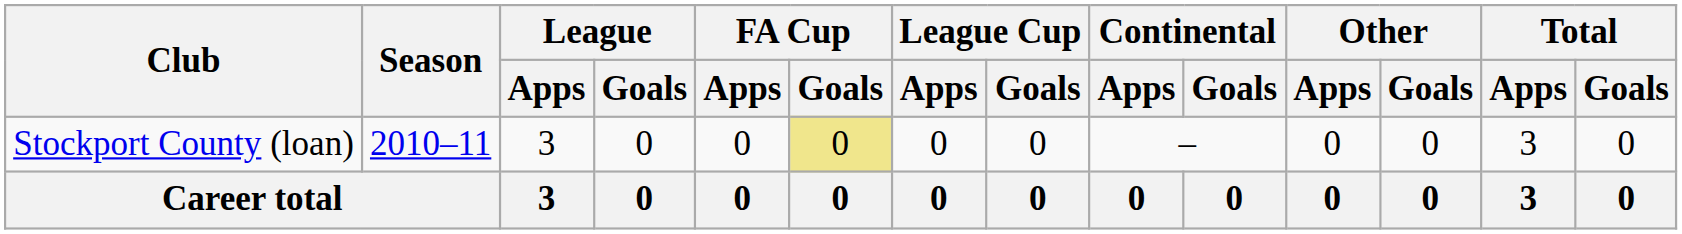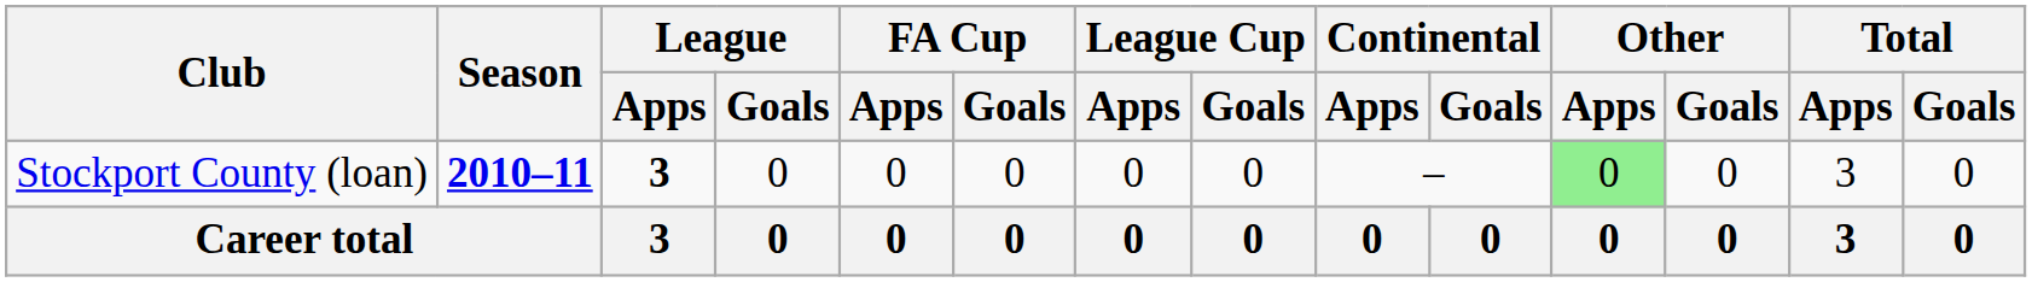 <table class="wikitable" style="text-align:center">
 <tr>
 <th rowspan="2">Club</th>
 <th rowspan="2">Season</th>
 <th colspan="2">League</th>
 <th colspan="2">FA Cup</th>
 <th colspan="2">League Cup</th>
 <th colspan="2">Continental</th>
 <th colspan="2">Other</th>
 <th colspan="2">Total</th>
 </tr>
 <tr>
 <th>Apps</th>
 <th>Goals</th>
 <th>Apps</th>
 <th>Goals</th>
 <th>Apps</th>
 <th>Goals</th>
 <th>Apps</th>
 <th>Goals</th>
 <th>Apps</th>
 <th>Goals</th>
 <th>Apps</th>
 <th>Goals</th>
 </tr>
 <tr>
 <td><a href='#'>Stockport County</a> (loan)</td>
-<td><a href='#'>2010–11</a></td>
-<td>3</td>
+<td><strong><a href='#'>2010–11</a></strong></td>
+<td><strong>3</strong></td>
 <td>0</td>
 <td>0</td>
-<td style="background: khaki;">0</td>
+<td>0</td>
 <td>0</td>
 <td>0</td>
 <td colspan="2">–</td>
-<td>0</td>
+<td style="background: lightgreen;">0</td>
 <td>0</td>
 <td>3</td>
 <td>0</td>
 </tr>
 <tr>
 <th colspan="2">Career total</th>
 <th>3</th>
 <th>0</th>
 <th>0</th>
 <th>0</th>
 <th>0</th>
 <th>0</th>
 <th>0</th>
 <th>0</th>
 <th>0</th>
 <th>0</th>
 <th>3</th>
 <th>0</th>
 </tr>
 </table>
